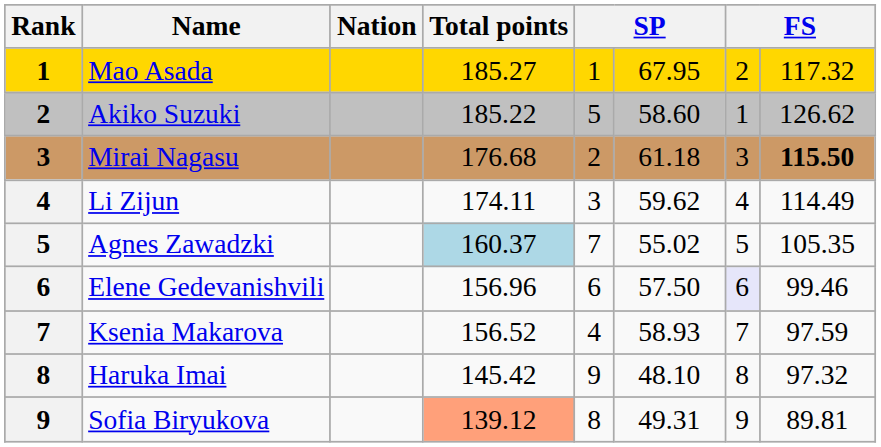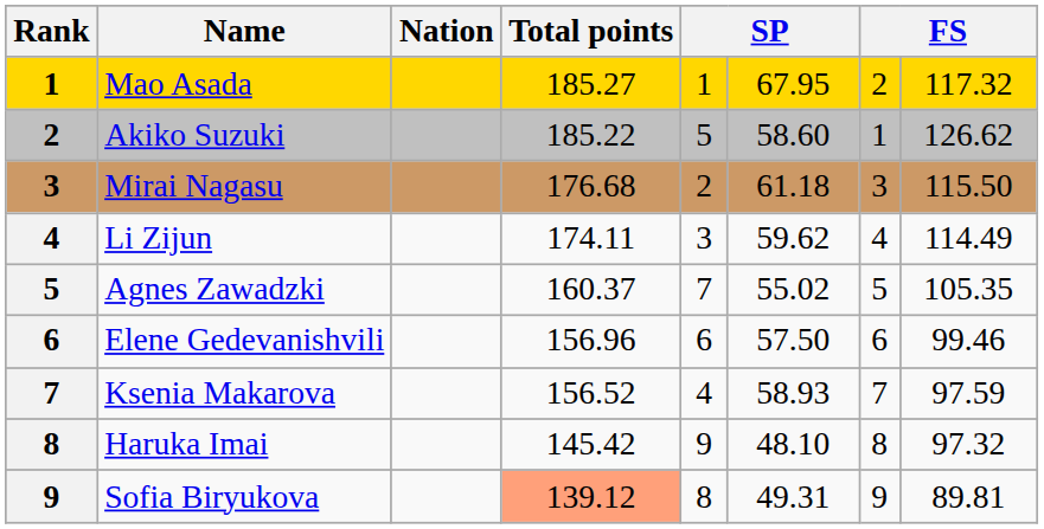 <table class="wikitable sortable">
 <tr>
 <th>Rank</th>
 <th>Name</th>
 <th>Nation</th>
 <th>Total points</th>
 <th colspan="2" width="80px"><a href='#'>SP</a></th>
 <th colspan="2" width="80px"><a href='#'>FS</a></th>
 </tr>
 <tr bgcolor="gold">
 <td align="center"><strong>1</strong></td>
 <td><a href='#'>Mao Asada</a></td>
 <td></td>
 <td align="center">185.27</td>
 <td align="center">1</td>
 <td align="center">67.95</td>
 <td align="center">2</td>
 <td align="center">117.32</td>
 </tr>
 <tr bgcolor="silver">
 <td align="center"><strong>2</strong></td>
 <td><a href='#'>Akiko Suzuki</a></td>
 <td></td>
 <td align="center">185.22</td>
 <td align="center">5</td>
 <td align="center">58.60</td>
 <td align="center">1</td>
 <td align="center">126.62</td>
 </tr>
 <tr bgcolor="cc9966">
 <td align="center"><strong>3</strong></td>
 <td><a href='#'>Mirai Nagasu</a></td>
 <td></td>
 <td align="center">176.68</td>
 <td align="center">2</td>
 <td align="center">61.18</td>
 <td align="center">3</td>
-<td align="center"><strong>115.50</strong></td>
+<td align="center">115.50</td>
 </tr>
 <tr>
 <th>4</th>
 <td><a href='#'>Li Zijun</a></td>
 <td></td>
 <td align="center">174.11</td>
 <td align="center">3</td>
 <td align="center">59.62</td>
 <td align="center">4</td>
 <td align="center">114.49</td>
 </tr>
 <tr>
 <th>5</th>
 <td><a href='#'>Agnes Zawadzki</a></td>
 <td></td>
-<td align="center" style="background: lightblue;">160.37</td>
+<td align="center">160.37</td>
 <td align="center">7</td>
 <td align="center">55.02</td>
 <td align="center">5</td>
 <td align="center">105.35</td>
 </tr>
 <tr>
 <th>6</th>
 <td><a href='#'>Elene Gedevanishvili</a></td>
 <td></td>
 <td align="center">156.96</td>
 <td align="center">6</td>
 <td align="center">57.50</td>
-<td align="center" style="background: lavender;">6</td>
+<td align="center">6</td>
 <td align="center">99.46</td>
 </tr>
 <tr>
 <th>7</th>
 <td><a href='#'>Ksenia Makarova</a></td>
 <td></td>
 <td align="center">156.52</td>
 <td align="center">4</td>
 <td align="center">58.93</td>
 <td align="center">7</td>
 <td align="center">97.59</td>
 </tr>
 <tr>
 <th>8</th>
 <td><a href='#'>Haruka Imai</a></td>
 <td></td>
 <td align="center">145.42</td>
 <td align="center">9</td>
 <td align="center">48.10</td>
 <td align="center">8</td>
 <td align="center">97.32</td>
 </tr>
 <tr>
 <th>9</th>
 <td><a href='#'>Sofia Biryukova</a></td>
 <td></td>
 <td align="center" style="background: lightsalmon;">139.12</td>
 <td align="center">8</td>
 <td align="center">49.31</td>
 <td align="center">9</td>
 <td align="center">89.81</td>
 </tr>
 </table>
